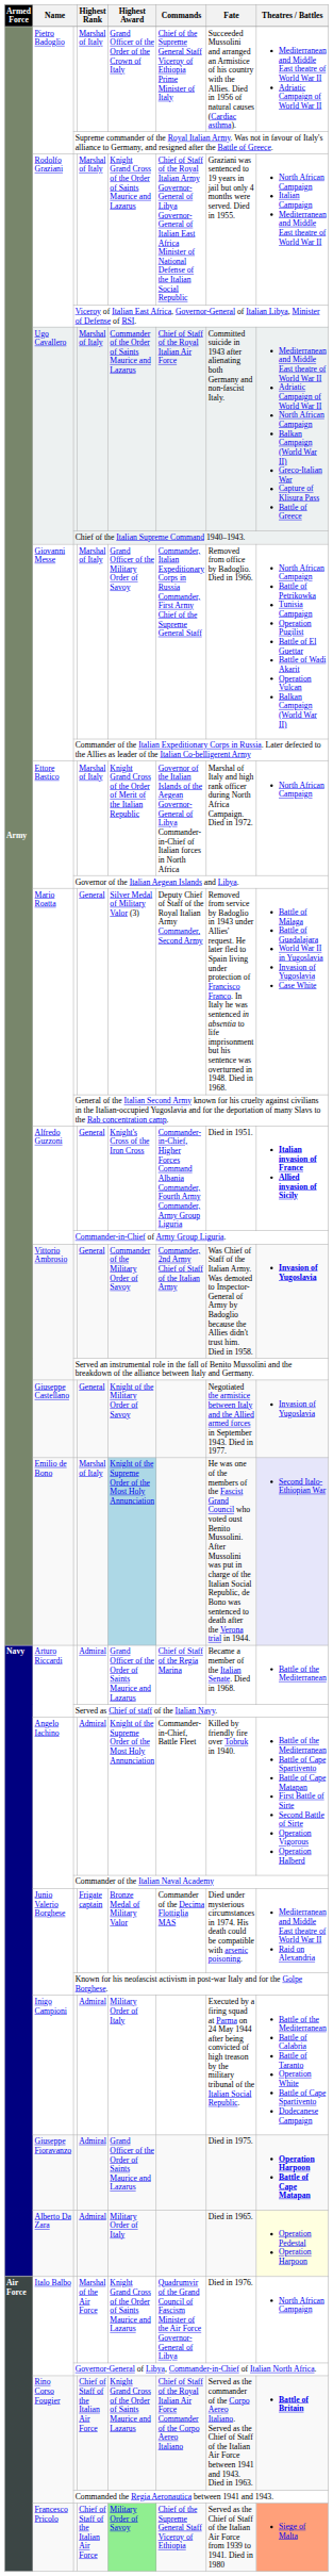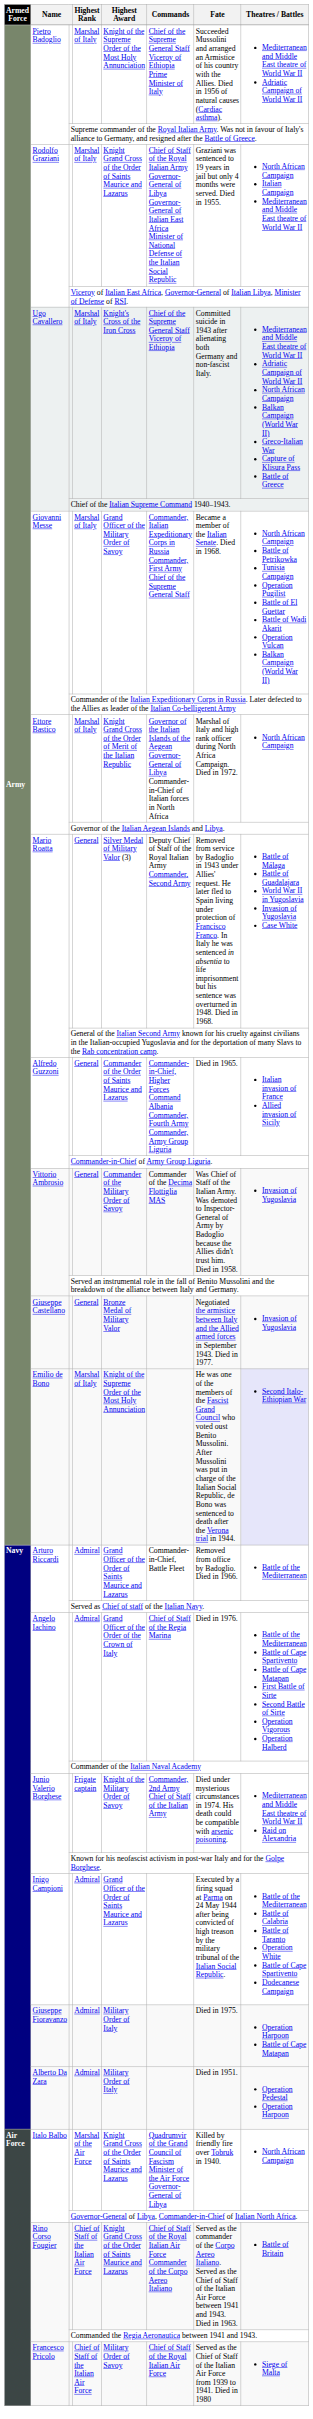 <table class="wikitable">
 <tr>
 <th style="background:#000; color:white;">Armed Force</th>
 <th colspan="2">Name</th>
 <th>Highest Rank</th>
 <th>Highest Award</th>
 <th>Commands</th>
 <th>Fate</th>
 <th>Theatres / Battles</th>
 </tr>
 <tr style="background:#fff;">
 <td rowspan="19" style="background:#78866b; color:white;"><strong>Army</strong></td>
 </tr>
 <tr style="background:#fff;vertical-align: top;">
 <td rowspan="2"><a href='#'>Pietro Badoglio</a></td>
 <td></td>
 <td><a href='#'>Marshal of Italy</a></td>
-<td><a href='#'>Grand Officer of the Order of the Crown of Italy</a></td>
+<td><a href='#'>Knight of the Supreme Order of the Most Holy Annunciation</a></td>
 <td><a href='#'>Chief of the Supreme General Staff</a><br><a href='#'>Viceroy of Ethiopia</a><br><a href='#'>Prime Minister of Italy</a></td>
 <td>Succeeded Mussolini and arranged an Armistice of his country with the Allies. Died in 1956 of natural causes (<a href='#'>Cardiac asthma</a>).</td>
 <td><br><ul><li><a href='#'>Mediterranean and Middle East theatre of World War II</a></li><li><a href='#'>Adriatic Campaign of World War II</a></li></ul></td>
 </tr>
 <tr style="background:#fff;">
 <td colspan="7">Supreme commander of the <a href='#'>Royal Italian Army</a>. Was not in favour of Italy's alliance to Germany, and resigned after the <a href='#'>Battle of Greece</a>.</td>
 </tr>
 <tr style="background:#fff;vertical-align: top;">
 <td rowspan="2"><a href='#'>Rodolfo Graziani</a></td>
 <td></td>
 <td><a href='#'>Marshal of Italy</a></td>
 <td><a href='#'>Knight Grand Cross of the Order of Saints Maurice and Lazarus</a></td>
 <td><a href='#'>Chief of Staff of the Royal Italian Army</a><br><a href='#'>Governor-General of Libya</a><br><a href='#'>Governor-General of Italian East Africa</a><br><a href='#'>Minister of National Defense of the Italian Social Republic</a></td>
 <td>Graziani was sentenced to 19 years in jail but only 4 months were served. Died in 1955.</td>
 <td><br><ul><li><a href='#'>North African Campaign</a></li><li><a href='#'>Italian Campaign</a></li><li><a href='#'>Mediterranean and Middle East theatre of World War II</a></li></ul></td>
 </tr>
 <tr style="background:#fff;">
 <td colspan="7"><a href='#'>Viceroy</a> of <a href='#'>Italian East Africa</a>, <a href='#'>Governor-General</a> of <a href='#'>Italian Libya</a>, <a href='#'>Minister of Defense</a> of <a href='#'>RSI</a>.</td>
 </tr>
 <tr style="background:#edf1f1;vertical-align: top;">
 <td rowspan="2"><a href='#'>Ugo Cavallero</a></td>
 <td></td>
 <td><a href='#'>Marshal of Italy</a></td>
-<td><a href='#'>Commander of the Order of Saints Maurice and Lazarus</a></td>
-<td><a href='#'>Chief of Staff of the Royal Italian Air Force</a></td>
+<td><a href='#'>Knight's Cross of the Iron Cross</a></td>
+<td><a href='#'>Chief of the Supreme General Staff</a><br><a href='#'>Viceroy of Ethiopia</a></td>
 <td>Committed suicide in 1943 after alienating both Germany and non-fascist Italy.</td>
 <td><br><ul><li><a href='#'>Mediterranean and Middle East theatre of World War II</a></li><li><a href='#'>Adriatic Campaign of World War II</a></li><li><a href='#'>North African Campaign</a></li><li><a href='#'>Balkan Campaign (World War II)</a></li><li><a href='#'>Greco-Italian War</a></li><li><a href='#'>Capture of Klisura Pass</a></li><li><a href='#'>Battle of Greece</a></li></ul></td>
 </tr>
 <tr style="background:#edf1f1;">
 <td colspan="7">Chief of the <a href='#'>Italian Supreme Command</a> 1940–1943.</td>
 </tr>
 <tr style="background:#fff;vertical-align: top;">
 <td rowspan="2"><a href='#'>Giovanni Messe</a></td>
 <td></td>
 <td><a href='#'>Marshal of Italy</a></td>
 <td><a href='#'>Grand Officer of the Military Order of Savoy</a></td>
 <td><a href='#'>Commander, Italian Expeditionary Corps in Russia</a><br><a href='#'>Commander, First Army</a><br><a href='#'>Chief of the Supreme General Staff</a></td>
-<td>Removed from office by Badoglio. Died in 1966.</td>
+<td>Became a member of the <a href='#'>Italian Senate</a>. Died in 1968.</td>
 <td><br><ul><li><a href='#'>North African Campaign</a></li><li><a href='#'>Battle of Petrikowka</a></li><li><a href='#'>Tunisia Campaign</a></li><li><a href='#'>Operation Pugilist</a></li><li><a href='#'>Battle of El Guettar</a></li><li><a href='#'>Battle of Wadi Akarit</a></li><li><a href='#'>Operation Vulcan</a></li><li><a href='#'>Balkan Campaign (World War II)</a></li></ul></td>
 </tr>
 <tr style="background:#fff;">
 <td colspan="7">Commander of the <a href='#'>Italian Expeditionary Corps in Russia</a>. Later defected to the Allies as leader of the <a href='#'>Italian Co-belligerent Army</a></td>
 </tr>
 <tr style="background:#fff;vertical-align: top;">
 <td rowspan="2"><a href='#'>Ettore Bastico</a></td>
 <td></td>
 <td><a href='#'>Marshal of Italy</a></td>
 <td><a href='#'>Knight Grand Cross of the Order of Merit of the Italian Republic</a></td>
 <td><a href='#'>Governor of the Italian Islands of the Aegean</a><br><a href='#'>Governor-General of Libya</a><br>Commander-in-Chief of Italian forces in North Africa</td>
 <td>Marshal of Italy and high rank officer during North Africa Campaign. Died in 1972.</td>
 <td><br><ul><li><a href='#'>North African Campaign</a></li></ul></td>
 </tr>
 <tr style="background:#fff;">
 <td colspan="7">Governor of the <a href='#'>Italian Aegean Islands</a> and <a href='#'>Libya</a>.</td>
 </tr>
 <tr style="background:#fff;vertical-align: top;">
 <td rowspan="2"><a href='#'>Mario Roatta</a></td>
 <td></td>
 <td><a href='#'>General</a></td>
 <td><a href='#'>Silver Medal of Military Valor</a> (3)</td>
 <td>Deputy Chief of Staff of the Royal Italian Army<br><a href='#'>Commander, Second Army</a></td>
 <td>Removed from service by Badoglio in 1943 under Allies' request. He later fled to Spain living under protection of <a href='#'>Francisco Franco</a>. In Italy he was sentenced <em>in absentia</em> to life imprisonment but his sentence was overturned in 1948. Died in 1968.</td>
 <td><br><ul><li><a href='#'>Battle of Málaga</a></li><li><a href='#'>Battle of Guadalajara</a></li><li><a href='#'>World War II in Yugoslavia</a></li><li><a href='#'>Invasion of Yugoslavia</a></li><li><a href='#'>Case White</a></li></ul></td>
 </tr>
 <tr style="background:#fff;">
 <td colspan="7">General of the <a href='#'>Italian Second Army</a> known for his cruelty against civilians in the Italian-occupied Yugoslavia and for the deportation of many Slavs to the <a href='#'>Rab concentration camp</a>.</td>
 </tr>
 <tr style="background:#fff;vertical-align: top;">
 <td rowspan="2"><a href='#'>Alfredo Guzzoni</a></td>
 <td></td>
 <td><a href='#'>General</a></td>
-<td><a href='#'>Knight's Cross of the Iron Cross</a></td>
+<td><a href='#'>Commander of the Order of Saints Maurice and Lazarus</a></td>
 <td><a href='#'>Commander-in-Chief, Higher Forces Command Albania</a><br><a href='#'>Commander, Fourth Army</a><br><a href='#'>Commander, Army Group Liguria</a></td>
-<td>Died in 1951.</td>
-<td><strong><br><ul><li><a href='#'>Italian invasion of France</a></li><li><a href='#'>Allied invasion of Sicily</a></li></ul></strong></td>
+<td>Died in 1965.</td>
+<td><br><ul><li><a href='#'>Italian invasion of France</a></li><li><a href='#'>Allied invasion of Sicily</a></li></ul></td>
 </tr>
 <tr style="background:#fff;">
 <td colspan="7"><a href='#'>Commander-in-Chief</a> of <a href='#'>Army Group Liguria</a>.</td>
 </tr>
 <tr style="vertical-align: top;">
 <td rowspan="2"><a href='#'>Vittorio Ambrosio</a></td>
 <td></td>
 <td><a href='#'>General</a></td>
 <td><a href='#'>Commander of the Military Order of Savoy</a></td>
-<td><a href='#'>Commander, 2nd Army</a><br><a href='#'>Chief of Staff of the Italian Army</a></td>
+<td>Commander of the <a href='#'>Decima Flottiglia MAS</a></td>
 <td>Was Chief of Staff of the Italian Army. Was demoted to Inspector-General of Army by Badoglio because the Allies didn't trust him. Died in 1958.</td>
-<td><strong><br><ul><li><a href='#'>Invasion of Yugoslavia</a></li></ul></strong></td>
+<td><br><ul><li><a href='#'>Invasion of Yugoslavia</a></li></ul></td>
 </tr>
 <tr style="background:#fff;">
 <td colspan="7">Served an instrumental role in the fall of Benito Mussolini and the breakdown of the alliance between Italy and Germany.</td>
 </tr>
 <tr style="vertical-align: top;">
 <td><a href='#'>Giuseppe Castellano</a></td>
 <td></td>
 <td><a href='#'>General</a></td>
-<td><a href='#'>Knight of the Military Order of Savoy</a></td>
+<td><a href='#'>Bronze Medal of Military Valor</a></td>
 <td></td>
 <td>Negotiated <a href='#'>the armistice between Italy and the Allied armed forces</a> in September 1943. Died in 1977.</td>
 <td><br><ul><li><a href='#'>Invasion of Yugoslavia</a></li></ul></td>
 </tr>
 <tr style="vertical-align: top;">
 <td><a href='#'>Emilio de Bono</a></td>
 <td></td>
 <td><a href='#'>Marshal of Italy</a></td>
-<td style="background: lightblue;"><a href='#'>Knight of the Supreme Order of the Most Holy Annunciation</a></td>
+<td><a href='#'>Knight of the Supreme Order of the Most Holy Annunciation</a></td>
 <td></td>
 <td>He was one of the members of the <a href='#'>Fascist Grand Council</a> who voted oust Benito Mussolini. After Mussolini was put in charge of the Italian Social Republic, de Bono was sentenced to death after the <a href='#'>Verona trial</a> in 1944.</td>
 <td style="background: lavender;"><br><ul><li><a href='#'>Second Italo-Ethiopian War</a></li></ul></td>
 </tr>
 <tr style="background:#fff;vertical-align: top;">
 <td rowspan="9" style="background:navy; color:white;"><strong>Navy</strong></td>
 <td rowspan="2"><a href='#'>Arturo Riccardi</a></td>
 <td></td>
 <td><a href='#'>Admiral</a></td>
 <td><a href='#'>Grand Officer of the Order of Saints Maurice and Lazarus</a></td>
-<td><a href='#'>Chief of Staff of the Regia Marina</a></td>
-<td>Became a member of the <a href='#'>Italian Senate</a>. Died in 1968.</td>
+<td>Commander-in-Chief, Battle Fleet</td>
+<td>Removed from office by Badoglio. Died in 1966.</td>
 <td><br><ul><li><a href='#'>Battle of the Mediterranean</a></li></ul></td>
 </tr>
 <tr style="background:#fff;">
 <td colspan="7">Served as <a href='#'>Chief of staff</a> of the <a href='#'>Italian Navy</a>.</td>
 </tr>
 <tr style="background:#fff;vertical-align: top;">
 <td rowspan="2"><a href='#'>Angelo Iachino</a></td>
 <td></td>
 <td><a href='#'>Admiral</a></td>
-<td><a href='#'>Knight of the Supreme Order of the Most Holy Annunciation</a></td>
-<td>Commander-in-Chief, Battle Fleet</td>
-<td>Killed by friendly fire over <a href='#'>Tobruk</a> in 1940.</td>
+<td><a href='#'>Grand Officer of the Order of the Crown of Italy</a></td>
+<td><a href='#'>Chief of Staff of the Regia Marina</a></td>
+<td>Died in 1976.</td>
 <td><br><ul><li><a href='#'>Battle of the Mediterranean</a></li><li><a href='#'>Battle of Cape Spartivento</a></li><li><a href='#'>Battle of Cape Matapan</a></li><li><a href='#'>First Battle of Sirte</a></li><li><a href='#'>Second Battle of Sirte</a></li><li><a href='#'>Operation Vigorous</a></li><li><a href='#'>Operation Halberd</a></li></ul></td>
 </tr>
 <tr style="background:#fff;">
 <td colspan="7">Commander of the <a href='#'>Italian Naval Academy</a></td>
 </tr>
 <tr style="background:#fff;vertical-align: top;">
 <td rowspan="2"><a href='#'>Junio Valerio Borghese</a></td>
 <td></td>
 <td><a href='#'>Frigate captain</a></td>
-<td><a href='#'>Bronze Medal of Military Valor</a></td>
-<td>Commander of the <a href='#'>Decima Flottiglia MAS</a></td>
+<td><a href='#'>Knight of the Military Order of Savoy</a></td>
+<td><a href='#'>Commander, 2nd Army</a><br><a href='#'>Chief of Staff of the Italian Army</a></td>
 <td>Died under mysterious circumstances in 1974. His death could be compatible with <a href='#'>arsenic poisoning</a>.</td>
 <td><br><ul><li><a href='#'>Mediterranean and Middle East theatre of World War II</a></li><li><a href='#'>Raid on Alexandria</a></li></ul></td>
 </tr>
 <tr style="background:#fff;">
 <td colspan="7">Known for his neofascist activism in post-war Italy and for the <a href='#'>Golpe Borghese</a>.</td>
 </tr>
 <tr style="background:#fff;vertical-align: top;">
 <td><a href='#'>Inigo Campioni</a></td>
 <td></td>
 <td><a href='#'>Admiral</a></td>
-<td><a href='#'>Military Order of Italy</a></td>
+<td><a href='#'>Grand Officer of the Order of Saints Maurice and Lazarus</a></td>
 <td></td>
 <td>Executed by a firing squad at <a href='#'>Parma</a> on 24 May 1944 after being convicted of high treason by the military tribunal of the <a href='#'>Italian Social Republic</a>.</td>
 <td><br><ul><li><a href='#'>Battle of the Mediterranean</a></li><li><a href='#'>Battle of Calabria</a></li><li><a href='#'>Battle of Taranto</a></li><li><a href='#'>Operation White</a></li><li><a href='#'>Battle of Cape Spartivento</a></li><li><a href='#'>Dodecanese Campaign</a></li></ul></td>
 </tr>
 <tr style="vertical-align: top;">
 <td><a href='#'>Giuseppe Fioravanzo</a></td>
 <td></td>
 <td><a href='#'>Admiral</a></td>
-<td><a href='#'>Grand Officer of the Order of Saints Maurice and Lazarus</a></td>
+<td><a href='#'>Military Order of Italy</a></td>
 <td></td>
 <td>Died in 1975.</td>
-<td><strong><br><ul><li><a href='#'>Operation Harpoon</a></li><li><a href='#'>Battle of Cape Matapan</a></li></ul></strong></td>
+<td><br><ul><li><a href='#'>Operation Harpoon</a></li><li><a href='#'>Battle of Cape Matapan</a></li></ul></td>
 </tr>
 <tr style="vertical-align: top;">
 <td><a href='#'>Alberto Da Zara</a></td>
 <td></td>
 <td><a href='#'>Admiral</a></td>
 <td><a href='#'>Military Order of Italy</a></td>
 <td></td>
-<td>Died in 1965.</td>
-<td style="background: lightyellow;"><br><ul><li><a href='#'>Operation Pedestal</a></li><li><a href='#'>Operation Harpoon</a></li></ul></td>
+<td>Died in 1951.</td>
+<td><br><ul><li><a href='#'>Operation Pedestal</a></li><li><a href='#'>Operation Harpoon</a></li></ul></td>
 </tr>
 <tr style="background:#fff;vertical-align: top;">
 <td rowspan="5" style="background:#3c4645; color:white;"><strong>Air Force</strong></td>
 <td rowspan="2"><a href='#'>Italo Balbo</a></td>
 <td></td>
 <td><a href='#'>Marshal of the Air Force</a></td>
 <td><a href='#'>Knight Grand Cross of the Order of Saints Maurice and Lazarus</a></td>
 <td><a href='#'>Quadrumvir of the Grand Council of Fascism</a><br><a href='#'>Minister of the Air Force</a><br><a href='#'>Governor-General of Libya</a></td>
-<td>Died in 1976.</td>
+<td>Killed by friendly fire over <a href='#'>Tobruk</a> in 1940.</td>
 <td><br><ul><li><a href='#'>North African Campaign</a></li></ul></td>
 </tr>
 <tr style="background:#fff;">
 <td colspan="7"><a href='#'>Governor-General</a> of <a href='#'>Libya</a>, <a href='#'>Commander-in-Chief</a> of <a href='#'>Italian North Africa</a>.</td>
 </tr>
 <tr style="vertical-align: top;">
 <td rowspan="2"><a href='#'>Rino Corso Fougier</a></td>
 <td></td>
 <td><a href='#'>Chief of Staff of the Italian Air Force</a></td>
 <td><a href='#'>Knight Grand Cross of the Order of Saints Maurice and Lazarus</a></td>
 <td><a href='#'>Chief of Staff of the Royal Italian Air Force</a><br><a href='#'>Commander of the Corpo Aereo Italiano</a></td>
 <td>Served as the commander of the <a href='#'>Corpo Aereo Italiano</a>. Served as the Chief of Staff of the Italian Air Force between 1941 and 1943. Died in 1963.</td>
-<td><strong><br><ul><li><a href='#'>Battle of Britain</a></li></ul></strong></td>
+<td><br><ul><li><a href='#'>Battle of Britain</a></li></ul></td>
 </tr>
 <tr style="background:#fff;">
 <td colspan="7">Commanded the <a href='#'>Regia Aeronautica</a> between 1941 and 1943.</td>
 </tr>
 <tr style="vertical-align: top;">
 <td><a href='#'>Francesco Pricolo</a></td>
 <td></td>
 <td><a href='#'>Chief of Staff of the Italian Air Force</a></td>
-<td style="background: lightgreen;"><a href='#'>Military Order of Savoy</a></td>
-<td><a href='#'>Chief of the Supreme General Staff</a><br><a href='#'>Viceroy of Ethiopia</a></td>
+<td><a href='#'>Military Order of Savoy</a></td>
+<td><a href='#'>Chief of Staff of the Royal Italian Air Force</a></td>
 <td>Served as the Chief of Staff of the Italian Air Force from 1939 to 1941. Died in 1980</td>
-<td style="background: lightsalmon;"><br><ul><li><a href='#'>Siege of Malta</a></li></ul></td>
+<td><br><ul><li><a href='#'>Siege of Malta</a></li></ul></td>
 </tr>
 </table>
